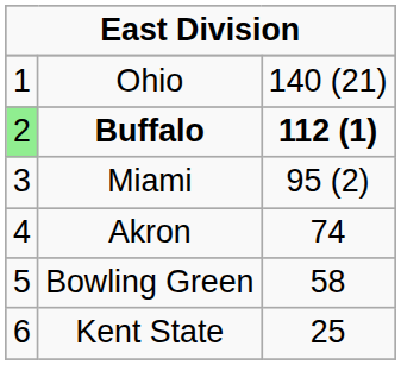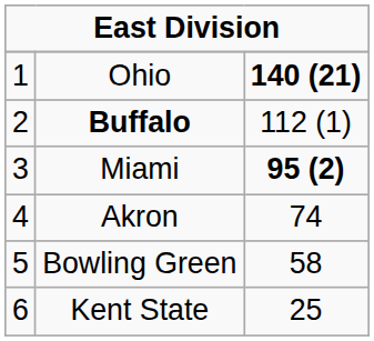 <table class="wikitable">
 <tr align="center">
 <td align="center" Colspan="3"><strong>East Division</strong></td>
 </tr>
 <tr align="center">
 </tr>
 <tr align="center">
 <td>1</td>
 <td>Ohio</td>
-<td>140 (21)</td>
+<td><strong>140 (21)</strong></td>
 </tr>
 <tr align="center">
-<td style="background: lightgreen;">2</td>
+<td>2</td>
 <td><strong>Buffalo</strong></td>
-<td><strong>112 (1)</strong></td>
+<td>112 (1)</td>
 </tr>
 <tr align="center">
 <td>3</td>
 <td>Miami</td>
-<td>95 (2)</td>
+<td><strong>95 (2)</strong></td>
 </tr>
 <tr align="center">
 <td>4</td>
 <td>Akron</td>
 <td>74</td>
 </tr>
 <tr align="center">
 <td>5</td>
 <td>Bowling Green</td>
 <td>58</td>
 </tr>
 <tr align="center">
 <td>6</td>
 <td>Kent State</td>
 <td>25</td>
 </tr>
 </table>
